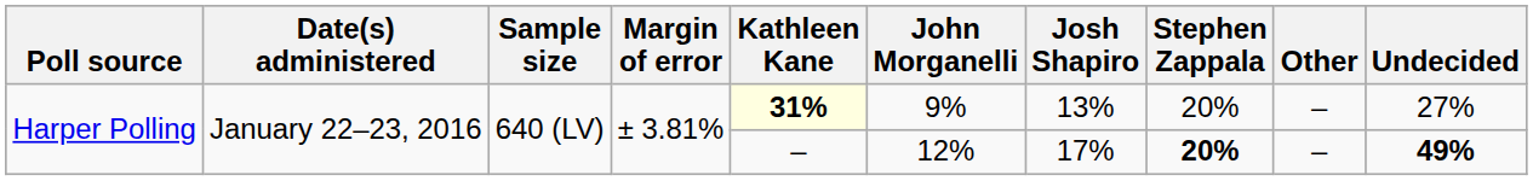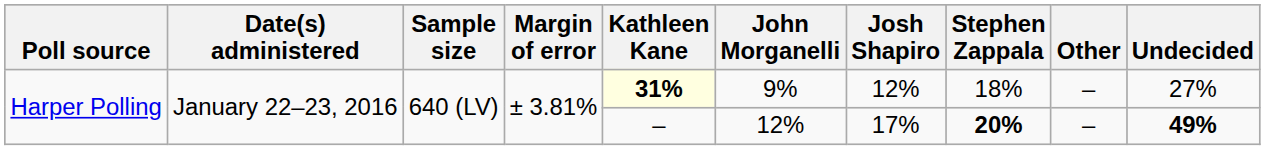 <table class="wikitable" style="font-size:90%;text-align:center;">
 <tr valign=bottom>
 <th>Poll source</th>
 <th>Date(s)<br>administered</th>
 <th>Sample<br>size</th>
 <th>Margin<br>of error</th>
 <th style="width:50px;">Kathleen<br>Kane</th>
 <th style="width:50px;">John<br>Morganelli</th>
 <th style="width:50px;">Josh<br>Shapiro</th>
 <th style="width:50px;">Stephen<br>Zappala</th>
 <th>Other</th>
 <th>Undecided</th>
 </tr>
 <tr>
 <td style="text-align:left;" rowspan=2><a href='#'>Harper Polling</a></td>
 <td rowspan=2>January 22–23, 2016</td>
 <td rowspan=2>640 (LV)</td>
 <td rowspan=2>± 3.81%</td>
 <td style="background: lightyellow;"><strong>31%</strong></td>
 <td>9%</td>
-<td>13%</td>
-<td>20%</td>
+<td>12%</td>
+<td>18%</td>
 <td>–</td>
 <td>27%</td>
 </tr>
 <tr>
 <td>–</td>
 <td>12%</td>
 <td>17%</td>
 <td><strong>20%</strong></td>
 <td>–</td>
 <td><strong>49%</strong></td>
 </tr>
 </table>
